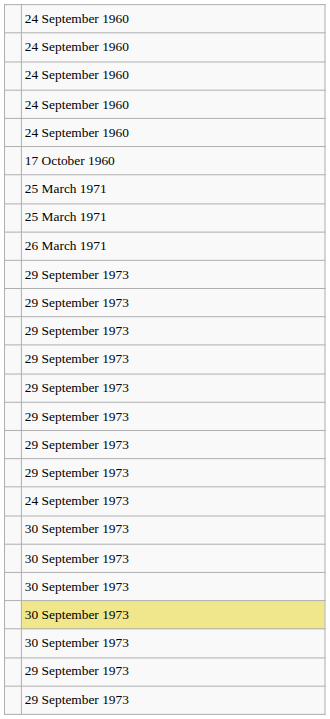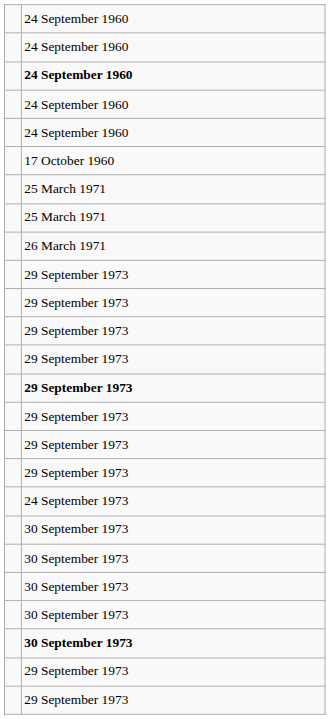 <table class="wikitable" style="font-size: 89%; float: left; width: 24em; margin-right: 1em; line-height: 1.65em">
 <tr>
 <td></td>
 <td>24 September 1960</td>
 </tr>
 <tr>
 <td></td>
 <td>24 September 1960</td>
 </tr>
 <tr>
 <td></td>
-<td>24 September 1960</td>
+<td><strong>24 September 1960</strong></td>
 </tr>
 <tr>
 <td></td>
 <td>24 September 1960</td>
 </tr>
 <tr>
 <td></td>
 <td>24 September 1960</td>
 </tr>
 <tr>
 <td></td>
 <td>17 October 1960</td>
 </tr>
 <tr>
 <td></td>
 <td>25 March 1971</td>
 </tr>
 <tr>
 <td></td>
 <td>25 March 1971</td>
 </tr>
 <tr>
 <td></td>
 <td>26 March 1971</td>
 </tr>
 <tr>
 <td></td>
 <td>29 September 1973</td>
 </tr>
 <tr>
 <td></td>
 <td>29 September 1973</td>
 </tr>
 <tr>
 <td></td>
 <td>29 September 1973</td>
 </tr>
 <tr>
 <td></td>
 <td>29 September 1973</td>
 </tr>
 <tr>
 <td></td>
-<td>29 September 1973</td>
+<td><strong>29 September 1973</strong></td>
 </tr>
 <tr>
 <td></td>
 <td>29 September 1973</td>
 </tr>
 <tr>
 <td></td>
 <td>29 September 1973</td>
 </tr>
 <tr>
 <td></td>
 <td>29 September 1973</td>
 </tr>
 <tr>
 <td></td>
 <td>24 September 1973</td>
 </tr>
 <tr>
 <td></td>
 <td>30 September 1973</td>
 </tr>
 <tr>
 <td></td>
 <td>30 September 1973</td>
 </tr>
 <tr>
 <td></td>
 <td>30 September 1973</td>
 </tr>
 <tr>
 <td></td>
-<td style="background: khaki;">30 September 1973</td>
+<td>30 September 1973</td>
 </tr>
 <tr>
 <td></td>
-<td>30 September 1973</td>
+<td><strong>30 September 1973</strong></td>
 </tr>
 <tr>
 <td></td>
 <td>29 September 1973</td>
 </tr>
 <tr>
 <td></td>
 <td>29 September 1973</td>
 </tr>
 </table>
